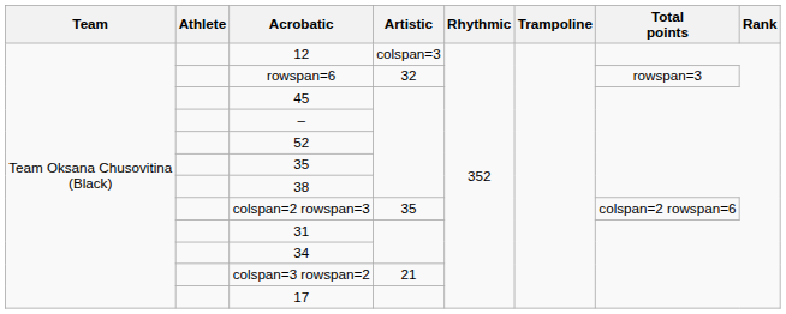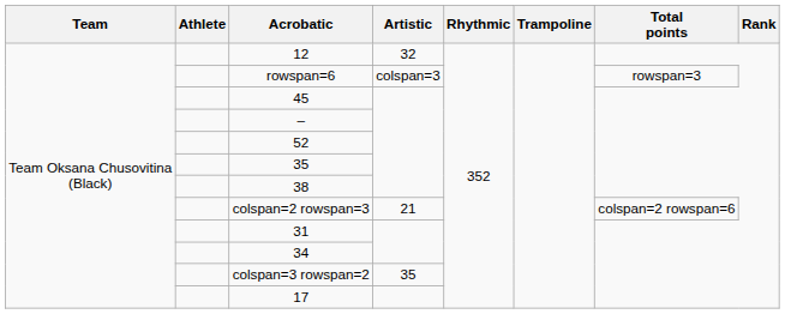 <table class="wikitable" style="font-size:90%">
 <tr>
 <th>Team</th>
 <th>Athlete</th>
 <th>Acrobatic</th>
 <th>Artistic</th>
 <th>Rhythmic</th>
 <th>Trampoline</th>
 <th>Total<br>points</th>
 <th>Rank</th>
 </tr>
 <tr align=center>
 <td rowspan=12>Team Oksana Chusovitina<br>(Black)</td>
 <td align=left><br></td>
 <td>12</td>
-<td>colspan=3 </td>
+<td>32</td>
 <td rowspan=12>352</td>
 <td rowspan=12></td>
 </tr>
 <tr align=center>
 <td align=left></td>
 <td>rowspan=6 </td>
-<td>32</td>
+<td>colspan=3 </td>
 <td>rowspan=3 </td>
 </tr>
 <tr align=center>
 <td align=left></td>
 <td>45</td>
 </tr>
 <tr align=center>
 <td align=left></td>
 <td>–</td>
 </tr>
 <tr align=center>
 <td align=left></td>
 <td>52</td>
 </tr>
 <tr align=center>
 <td align=left></td>
 <td>35</td>
 </tr>
 <tr align=center>
 <td align=left></td>
 <td>38</td>
 </tr>
 <tr align=center>
 <td align=left></td>
 <td>colspan=2 rowspan=3 </td>
-<td>35</td>
+<td>21</td>
 <td>colspan=2 rowspan=6 </td>
 </tr>
 <tr align=center>
 <td align=left></td>
 <td>31</td>
 </tr>
 <tr align=center>
 <td align=left></td>
 <td>34</td>
 </tr>
 <tr align=center>
 <td align=left></td>
 <td>colspan=3 rowspan=2 </td>
-<td>21</td>
+<td>35</td>
 </tr>
 <tr align=center>
 <td align=left></td>
 <td>17</td>
 </tr>
 </table>
